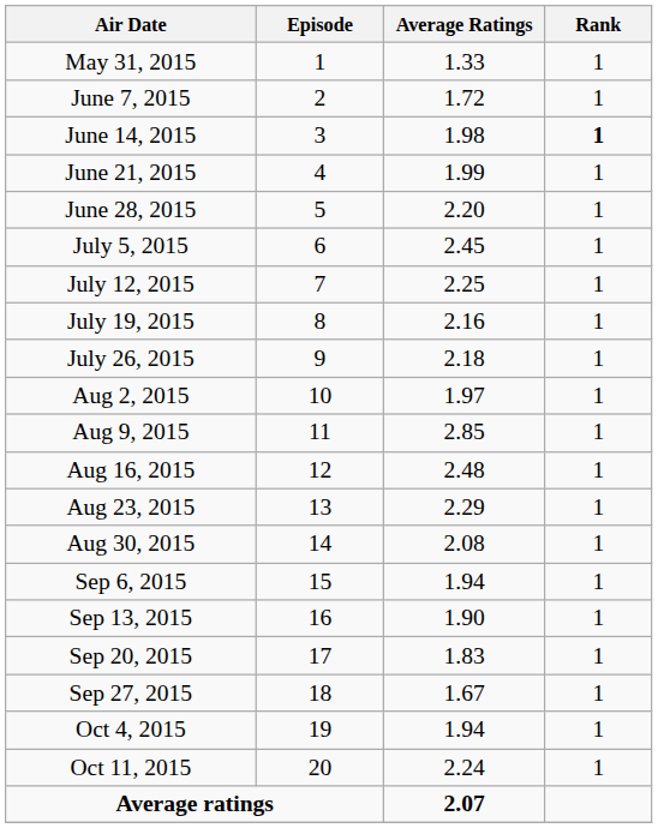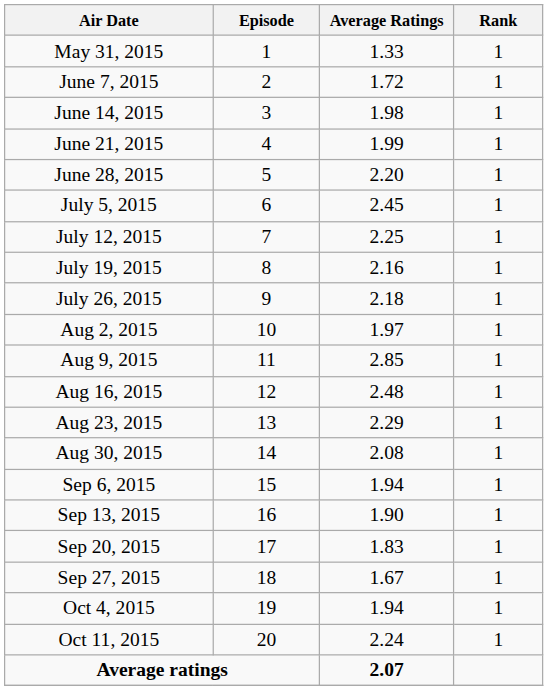 <table class="wikitable" style="text-align:center;width:35%;">
 <tr>
 <th width="15%"><small><strong>Air Date</strong></small></th>
 <th width="5%"><small><strong>Episode</strong></small></th>
 <th width="8%"><small><strong>Average Ratings</strong></small></th>
 <th width="5%"><small><strong>Rank</strong></small></th>
 </tr>
 <tr>
 <td>May 31, 2015</td>
 <td>1</td>
 <td>1.33</td>
 <td>1</td>
 </tr>
 <tr>
 <td>June 7, 2015</td>
 <td>2</td>
 <td>1.72</td>
 <td>1</td>
 </tr>
 <tr>
 <td>June 14, 2015</td>
 <td>3</td>
 <td>1.98</td>
-<td><strong>1</strong></td>
+<td>1</td>
 </tr>
 <tr>
 <td>June 21, 2015</td>
 <td>4</td>
 <td>1.99</td>
 <td>1</td>
 </tr>
 <tr>
 <td>June 28, 2015</td>
 <td>5</td>
 <td>2.20</td>
 <td>1</td>
 </tr>
 <tr>
 <td>July 5, 2015</td>
 <td>6</td>
 <td>2.45</td>
 <td>1</td>
 </tr>
 <tr>
 <td>July 12, 2015</td>
 <td>7</td>
 <td>2.25</td>
 <td>1</td>
 </tr>
 <tr>
 <td>July 19, 2015</td>
 <td>8</td>
 <td>2.16</td>
 <td>1</td>
 </tr>
 <tr>
 <td>July 26, 2015</td>
 <td>9</td>
 <td>2.18</td>
 <td>1</td>
 </tr>
 <tr>
 <td>Aug 2, 2015</td>
 <td>10</td>
 <td>1.97</td>
 <td>1</td>
 </tr>
 <tr>
 <td>Aug 9, 2015</td>
 <td>11</td>
 <td>2.85</td>
 <td>1</td>
 </tr>
 <tr>
 <td>Aug 16, 2015</td>
 <td>12</td>
 <td>2.48</td>
 <td>1</td>
 </tr>
 <tr>
 <td>Aug 23, 2015</td>
 <td>13</td>
 <td>2.29</td>
 <td>1</td>
 </tr>
 <tr>
 <td>Aug 30, 2015</td>
 <td>14</td>
 <td>2.08</td>
 <td>1</td>
 </tr>
 <tr>
 <td>Sep 6, 2015</td>
 <td>15</td>
 <td>1.94</td>
 <td>1</td>
 </tr>
 <tr>
 <td>Sep 13, 2015</td>
 <td>16</td>
 <td>1.90</td>
 <td>1</td>
 </tr>
 <tr>
 <td>Sep 20, 2015</td>
 <td>17</td>
 <td>1.83</td>
 <td>1</td>
 </tr>
 <tr>
 <td>Sep 27, 2015</td>
 <td>18</td>
 <td>1.67</td>
 <td>1</td>
 </tr>
 <tr>
 <td>Oct 4, 2015</td>
 <td>19</td>
 <td>1.94</td>
 <td>1</td>
 </tr>
 <tr>
 <td>Oct 11, 2015</td>
 <td>20</td>
 <td>2.24</td>
 <td>1</td>
 </tr>
 <tr>
 <td colspan=2><strong>Average ratings</strong></td>
 <td><strong>2.07</strong></td>
 <td></td>
 </tr>
 <tr>
 </tr>
 </table>
